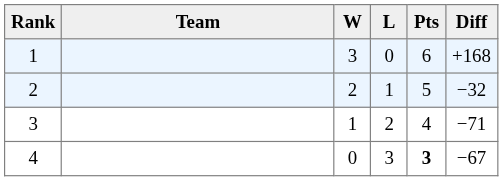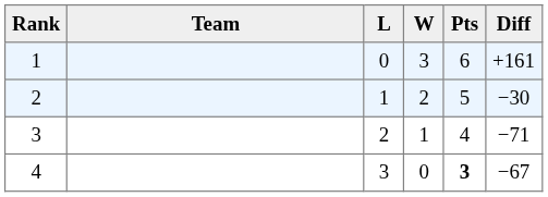 <table style=border-collapse:collapse border=1 cellspacing=0 cellpadding=5>
 <tr align=center bgcolor=#efefef>
 <th width=20>Rank</th>
 <th width=220>Team</th>
+<th width=20>L</th>
 <th width=20>W</th>
-<th width=20>L</th>
 <th width=20>Pts</th>
 <th width=25>Diff</th>
 </tr>
 <tr align=center bgcolor=#EBF5FF>
 <td>1</td>
 <td align=left></td>
+<td>0</td>
 <td>3</td>
-<td>0</td>
 <td>6</td>
-<td>+168</td>
+<td>+161</td>
 </tr>
 <tr align=center bgcolor=#EBF5FF>
 <td>2</td>
 <td align=left></td>
+<td>1</td>
 <td>2</td>
-<td>1</td>
 <td>5</td>
-<td>−32</td>
+<td>−30</td>
 </tr>
 <tr align=center>
 <td>3</td>
 <td align=left></td>
+<td>2</td>
 <td>1</td>
-<td>2</td>
 <td>4</td>
 <td>−71</td>
 </tr>
 <tr align=center>
 <td>4</td>
 <td align=left></td>
+<td>3</td>
 <td>0</td>
-<td>3</td>
 <td><strong>3</strong></td>
 <td>−67</td>
 </tr>
 </table>
